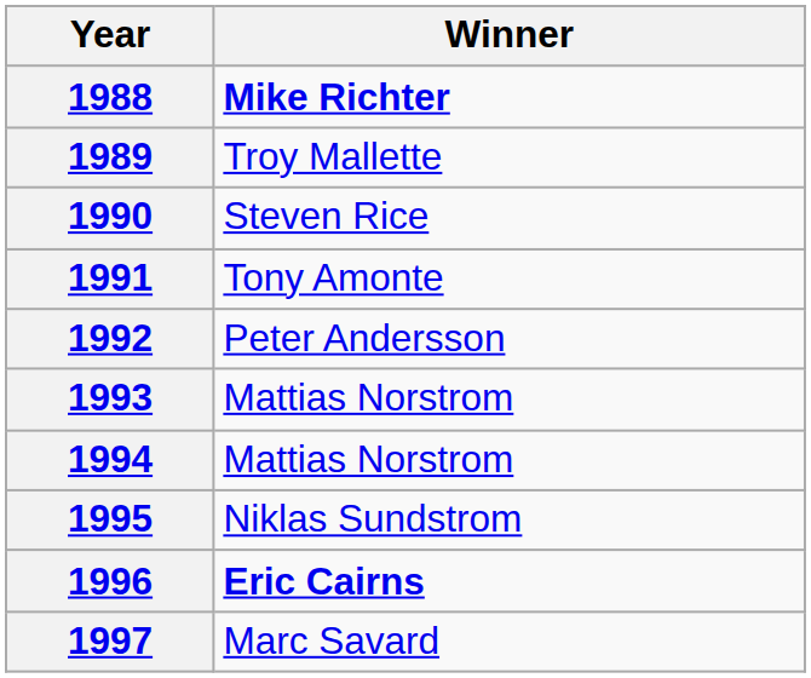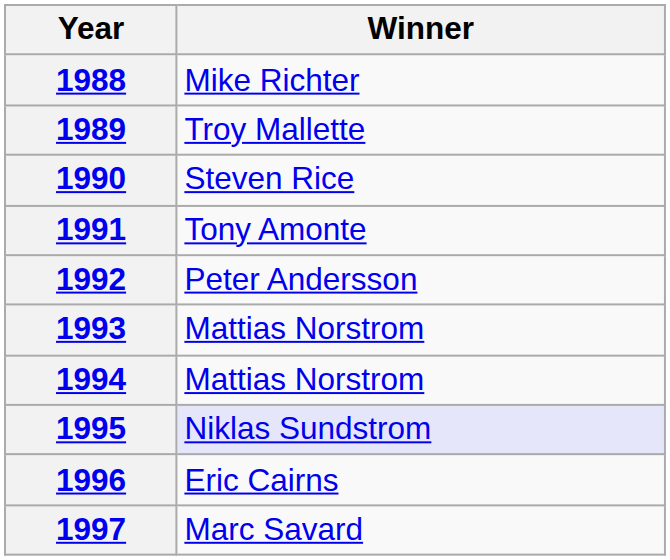 <table class="wikitable">
 <tr>
 <th scope="col" style="width:5em">Year</th>
 <th scope="col" style="width:15em">Winner</th>
 </tr>
 <tr>
 <th scope="row"><a href='#'>1988</a></th>
-<td><strong><a href='#'>Mike Richter</a></strong></td>
+<td><a href='#'>Mike Richter</a></td>
 </tr>
 <tr>
 <th scope="row"><a href='#'>1989</a></th>
 <td><a href='#'>Troy Mallette</a></td>
 </tr>
 <tr>
 <th scope="row"><a href='#'>1990</a></th>
 <td><a href='#'>Steven Rice</a></td>
 </tr>
 <tr>
 <th scope="row"><a href='#'>1991</a></th>
 <td><a href='#'>Tony Amonte</a></td>
 </tr>
 <tr>
 <th scope="row"><a href='#'>1992</a></th>
 <td><a href='#'>Peter Andersson</a></td>
 </tr>
 <tr>
 <th scope="row"><a href='#'>1993</a></th>
 <td><a href='#'>Mattias Norstrom</a></td>
 </tr>
 <tr>
 <th scope="row"><a href='#'>1994</a></th>
 <td><a href='#'>Mattias Norstrom</a></td>
 </tr>
 <tr>
 <th scope="row"><a href='#'>1995</a></th>
-<td><a href='#'>Niklas Sundstrom</a></td>
+<td style="background: lavender;"><a href='#'>Niklas Sundstrom</a></td>
 </tr>
 <tr>
 <th scope="row"><a href='#'>1996</a></th>
-<td><strong><a href='#'>Eric Cairns</a></strong></td>
+<td><a href='#'>Eric Cairns</a></td>
 </tr>
 <tr>
 <th scope="row"><a href='#'>1997</a></th>
 <td><a href='#'>Marc Savard</a></td>
 </tr>
 </table>
